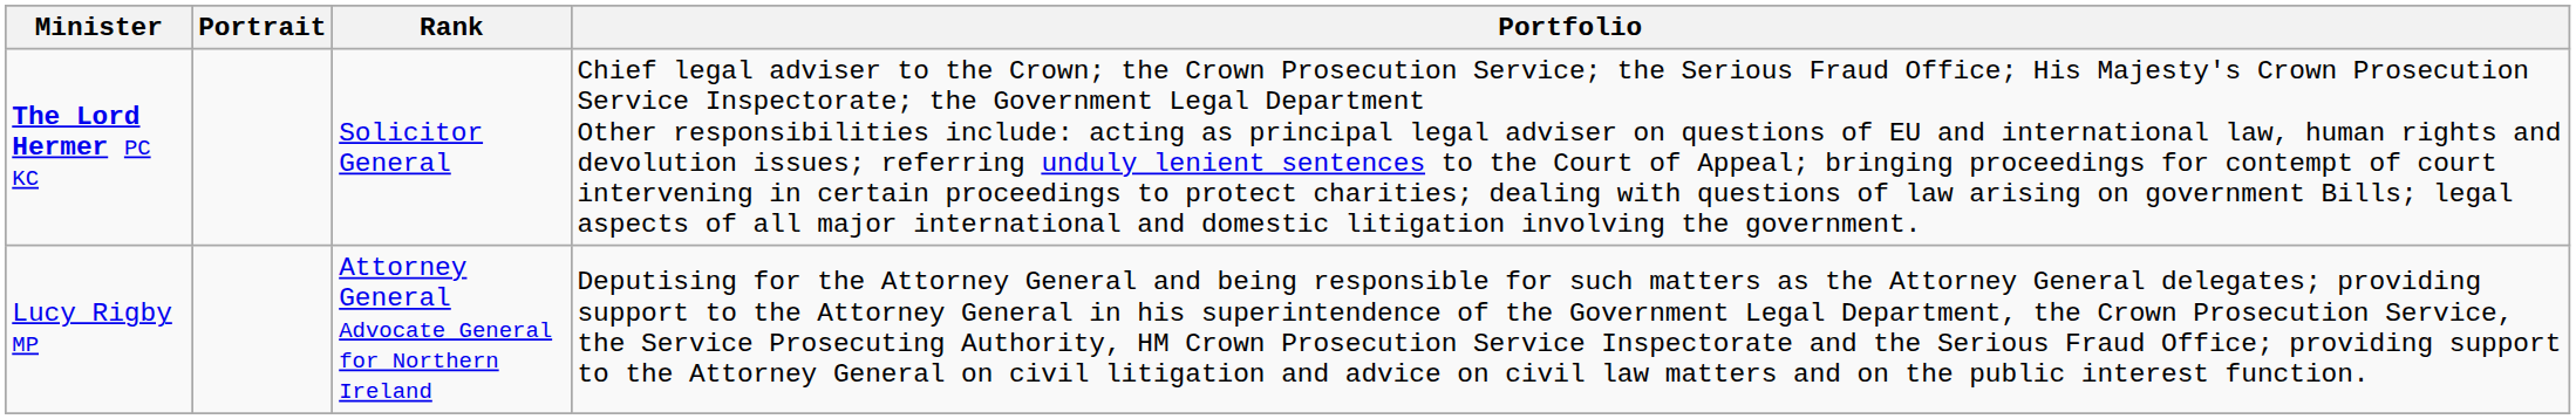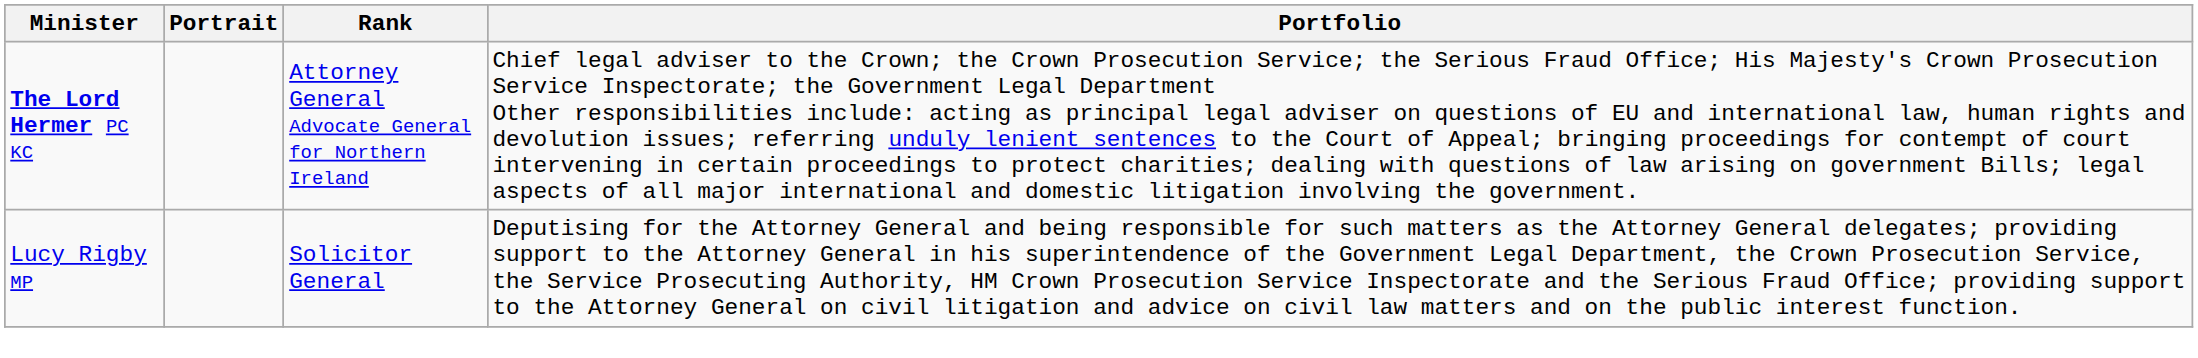 <table class=wikitable>
 <tr>
 <th>Minister</th>
 <th>Portrait</th>
 <th>Rank</th>
 <th>Portfolio</th>
 </tr>
 <tr>
 <td><strong><a href='#'>The Lord Hermer</a></strong> <small><a href='#'>PC</a> <a href='#'>KC</a></small></td>
 <td></td>
-<td><a href='#'>Solicitor General</a></td>
+<td><a href='#'>Attorney General</a><br><small><a href='#'>Advocate General for Northern Ireland</a></small></td>
 <td>Chief legal adviser to the Crown; the Crown Prosecution Service; the Serious Fraud Office; His Majesty's Crown Prosecution Service Inspectorate; the Government Legal Department<br>Other responsibilities include: acting as principal legal adviser on questions of EU and international law, human rights and devolution issues; referring <a href='#'>unduly lenient sentences</a> to the Court of Appeal; bringing proceedings for contempt of court intervening in certain proceedings to protect charities; dealing with questions of law arising on government Bills; legal aspects of all major international and domestic litigation involving the government.</td>
 </tr>
 <tr>
 <td><a href='#'>Lucy Rigby</a> <small><a href='#'>MP</a></small></td>
 <td></td>
-<td><a href='#'>Attorney General</a><br><small><a href='#'>Advocate General for Northern Ireland</a></small></td>
+<td><a href='#'>Solicitor General</a></td>
 <td>Deputising for the Attorney General and being responsible for such matters as the Attorney General delegates; providing support to the Attorney General in his superintendence of the Government Legal Department, the Crown Prosecution Service, the Service Prosecuting Authority, HM Crown Prosecution Service Inspectorate and the Serious Fraud Office; providing support to the Attorney General on civil litigation and advice on civil law matters and on the public interest function.</td>
 </tr>
 </table>
